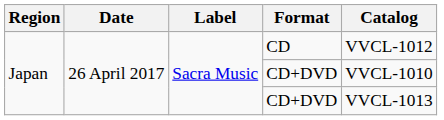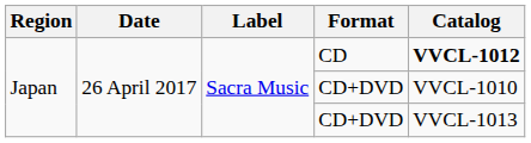 <table class="wikitable">
 <tr>
 <th>Region</th>
 <th>Date</th>
 <th>Label</th>
 <th>Format</th>
 <th>Catalog</th>
 </tr>
 <tr>
 <td rowspan="3">Japan</td>
 <td rowspan="3">26 April 2017</td>
 <td rowspan="3"><a href='#'>Sacra Music</a></td>
 <td>CD</td>
-<td>VVCL-1012</td>
+<td><strong>VVCL-1012</strong></td>
 </tr>
 <tr>
 <td>CD+DVD</td>
 <td>VVCL-1010</td>
 </tr>
 <tr>
 <td>CD+DVD</td>
 <td>VVCL-1013</td>
 </tr>
 </table>
